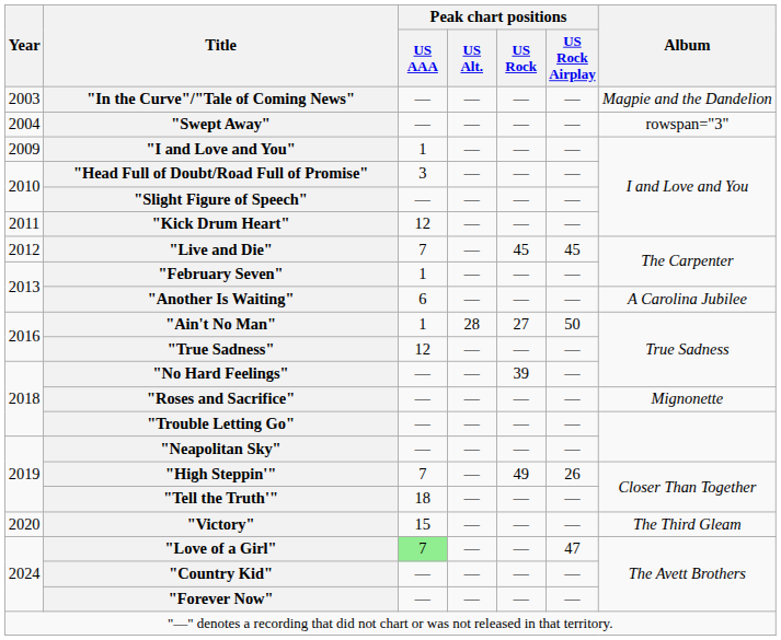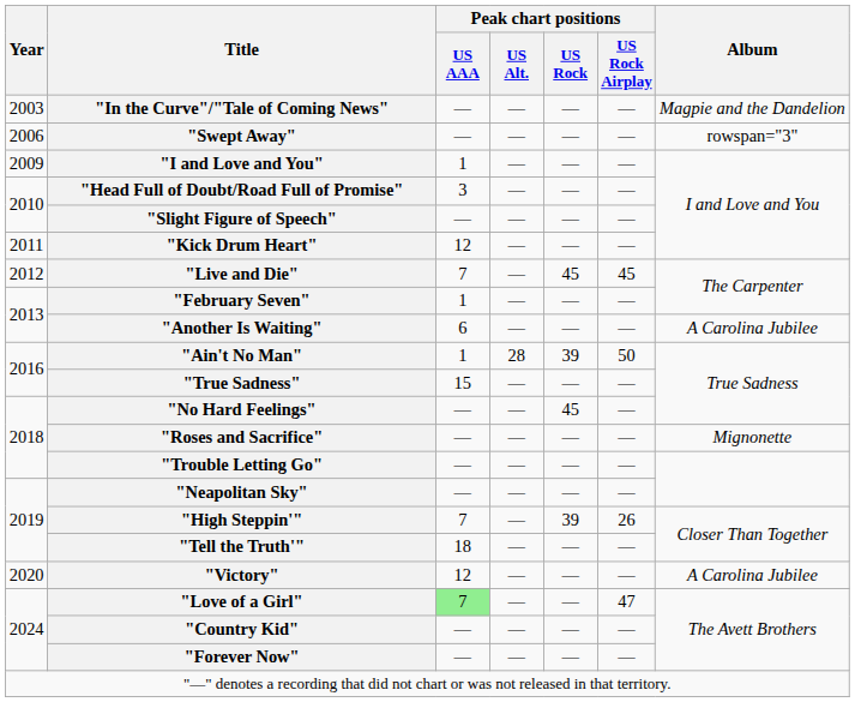 <table class="wikitable plainrowheaders" style="text-align:center;">
 <tr>
 <th scope="col" rowspan="2">Year</th>
 <th scope="col" rowspan="2" style="width:22em;">Title</th>
 <th scope="col" colspan="4">Peak chart positions</th>
 <th scope="col" rowspan="2">Album</th>
 </tr>
 <tr>
 <th scope="col" style="width:3em;font-size:90%;"><a href='#'>US<br>AAA</a><br></th>
 <th scope="col" style="width:3em;font-size:90%;"><a href='#'>US<br>Alt.</a><br></th>
 <th scope="col" style="width:3em;font-size:90%;"><a href='#'>US<br>Rock</a><br></th>
 <th scope="col" style="width:3em;font-size:90%;"><a href='#'>US<br>Rock Airplay</a><br></th>
 </tr>
 <tr>
 <td>2003</td>
 <th scope="row">"In the Curve"/"Tale of Coming News"</th>
 <td>—</td>
 <td>—</td>
 <td>—</td>
 <td>—</td>
 <td><em>Magpie and the Dandelion</em></td>
 </tr>
 <tr>
-<td>2004</td>
+<td>2006</td>
 <th scope="row">"Swept Away"</th>
 <td>—</td>
 <td>—</td>
 <td>—</td>
 <td>—</td>
 <td>rowspan="3" </td>
 </tr>
 <tr>
 <td>2009</td>
 <th scope="row">"I and Love and You"</th>
 <td>1</td>
 <td>—</td>
 <td>—</td>
 <td>—</td>
 <td rowspan="4"><em>I and Love and You</em></td>
 </tr>
 <tr>
 <td rowspan="2">2010</td>
 <th scope="row">"Head Full of Doubt/Road Full of Promise"</th>
 <td>3</td>
 <td>—</td>
 <td>—</td>
 <td>—</td>
 </tr>
 <tr>
 <th scope="row">"Slight Figure of Speech"</th>
 <td>—</td>
 <td>—</td>
 <td>—</td>
 <td>—</td>
 </tr>
 <tr>
 <td>2011</td>
 <th scope="row">"Kick Drum Heart"</th>
 <td>12</td>
 <td>—</td>
 <td>—</td>
 <td>—</td>
 </tr>
 <tr>
 <td>2012</td>
 <th scope="row">"Live and Die"</th>
 <td>7</td>
 <td>—</td>
 <td>45</td>
 <td>45</td>
 <td rowspan="2"><em>The Carpenter</em></td>
 </tr>
 <tr>
 <td rowspan="2">2013</td>
 <th scope="row">"February Seven"</th>
 <td>1</td>
 <td>—</td>
 <td>—</td>
 <td>—</td>
 </tr>
 <tr>
 <th scope="row">"Another Is Waiting"</th>
 <td>6</td>
 <td>—</td>
 <td>—</td>
 <td>—</td>
 <td><em>A Carolina Jubilee</em></td>
 </tr>
 <tr>
 <td rowspan="2">2016</td>
 <th scope="row">"Ain't No Man"</th>
 <td>1</td>
 <td>28</td>
-<td>27</td>
+<td>39</td>
 <td>50</td>
 <td rowspan="3"><em>True Sadness</em></td>
 </tr>
 <tr>
 <th scope="row">"True Sadness"</th>
-<td>12</td>
+<td>15</td>
 <td>—</td>
 <td>—</td>
 <td>—</td>
 </tr>
 <tr>
 <td rowspan="3">2018</td>
 <th scope="row">"No Hard Feelings"</th>
 <td>—</td>
 <td>—</td>
-<td>39</td>
+<td>45</td>
 <td>—</td>
 </tr>
 <tr>
 <th scope="row">"Roses and Sacrifice"</th>
 <td>—</td>
 <td>—</td>
 <td>—</td>
 <td>—</td>
 <td><em>Mignonette</em></td>
 </tr>
 <tr>
 <th scope="row">"Trouble Letting Go"</th>
 <td>—</td>
 <td>—</td>
 <td>—</td>
 <td>—</td>
 </tr>
 <tr>
 <td rowspan="3">2019</td>
 <th scope="row">"Neapolitan Sky"</th>
 <td>—</td>
 <td>—</td>
 <td>—</td>
 <td>—</td>
 </tr>
 <tr>
 <th scope="row">"High Steppin'"</th>
 <td>7</td>
 <td>—</td>
-<td>49</td>
+<td>39</td>
 <td>26</td>
 <td rowspan="2"><em>Closer Than Together</em></td>
 </tr>
 <tr>
 <th scope="row">"Tell the Truth'"</th>
 <td>18</td>
 <td>—</td>
 <td>—</td>
 <td>—</td>
 </tr>
 <tr>
 <td>2020</td>
 <th scope="row">"Victory"</th>
-<td>15</td>
+<td>12</td>
 <td>—</td>
 <td>—</td>
 <td>—</td>
-<td><em>The Third Gleam</em></td>
+<td><em>A Carolina Jubilee</em></td>
 </tr>
 <tr>
 <td rowspan="3">2024</td>
 <th scope="row">"Love of a Girl"</th>
 <td style="background: lightgreen;">7</td>
 <td>—</td>
 <td>—</td>
 <td>47</td>
 <td rowspan="3"><em>The Avett Brothers</em></td>
 </tr>
 <tr>
 <th scope="row">"Country Kid"</th>
 <td>—</td>
 <td>—</td>
 <td>—</td>
 <td>—</td>
 </tr>
 <tr>
 <th scope="row">"Forever Now"</th>
 <td>—</td>
 <td>—</td>
 <td>—</td>
 <td>—</td>
 </tr>
 <tr>
 <td colspan="11" style="font-size:90%">"—" denotes a recording that did not chart or was not released in that territory.</td>
 </tr>
 </table>
